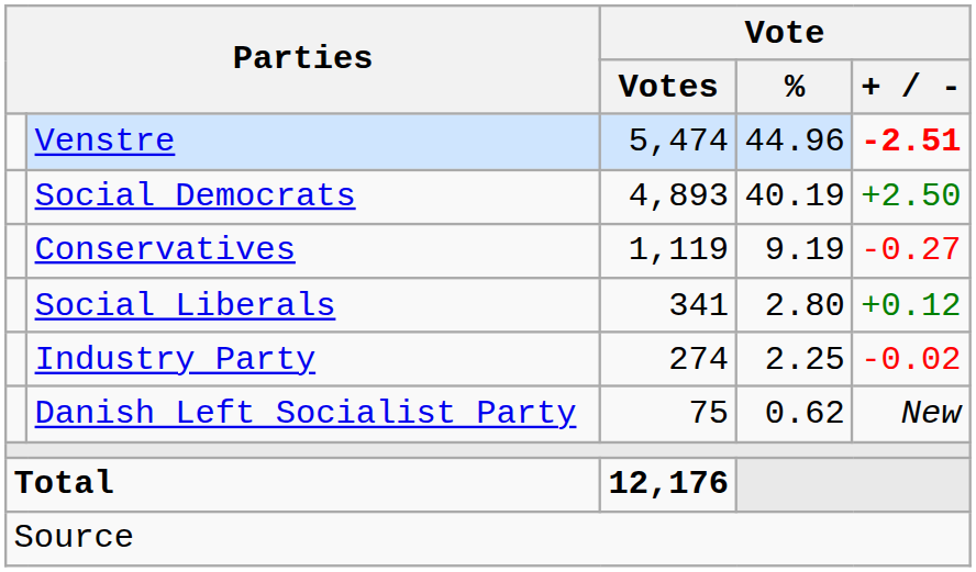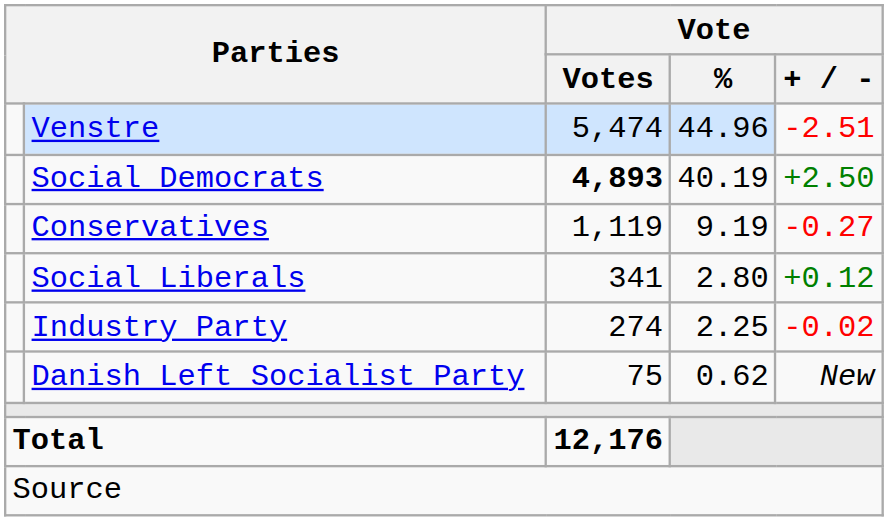 <table class="wikitable" style="text-align:right;">
 <tr>
 <th style="text-align:centre;" rowspan="2" colspan="2" width="225">Parties</th>
 <th colspan="3">Vote</th>
 </tr>
 <tr>
 <th width="15">Votes</th>
 <th width="15">%</th>
 <th width="15">+ / -</th>
 </tr>
 <tr>
 <td width="2" style="color:inherit;background:"></td>
 <td bgcolor=#cfe5fe  align="left"><a href='#'>Venstre</a></td>
 <td bgcolor=#cfe5fe>5,474</td>
 <td bgcolor=#cfe5fe>44.96</td>
-<td style=color:red;><strong>-2.51</strong></td>
+<td style=color:red;>-2.51</td>
 </tr>
 <tr>
 <td width="2" style="color:inherit;background:"></td>
 <td align="left"><a href='#'>Social Democrats</a></td>
-<td>4,893</td>
+<td><strong>4,893</strong></td>
 <td>40.19</td>
 <td style=color:green;>+2.50</td>
 </tr>
 <tr>
 <td width="2" style="color:inherit;background:"></td>
 <td align="left"><a href='#'>Conservatives</a></td>
 <td>1,119</td>
 <td>9.19</td>
 <td style=color:red;>-0.27</td>
 </tr>
 <tr>
 <td width="2" style="color:inherit;background:"></td>
 <td align="left"><a href='#'>Social Liberals</a></td>
 <td>341</td>
 <td>2.80</td>
 <td style=color:green;>+0.12</td>
 </tr>
 <tr>
 <td width="2" style="color:inherit;background:"></td>
 <td align="left"><a href='#'>Industry Party</a></td>
 <td>274</td>
 <td>2.25</td>
 <td style=color:red;>-0.02</td>
 </tr>
 <tr>
 <td width="2" style="color:inherit;background:"></td>
 <td align="left"><a href='#'>Danish Left Socialist Party</a></td>
 <td>75</td>
 <td>0.62</td>
 <td><em>New</em></td>
 </tr>
 <tr>
 <td colspan="7" bgcolor="#E9E9E9"></td>
 </tr>
 <tr>
 <td align="left" colspan="2"><strong>Total</strong></td>
 <td><strong>12,176</strong></td>
 <td bgcolor="#E9E9E9" colspan="2"></td>
 </tr>
 <tr>
 <td align="left" colspan="6">Source</td>
 </tr>
 </table>
